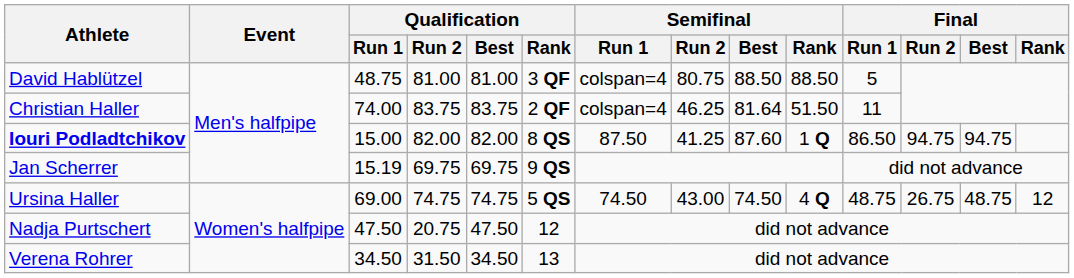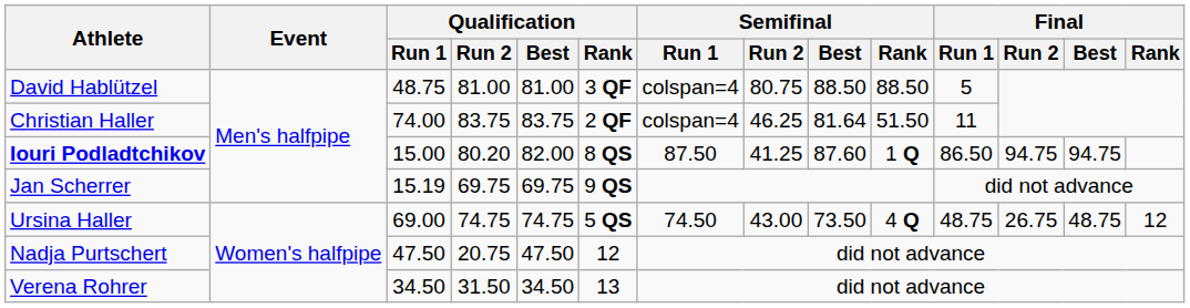 <table class="wikitable" style="font-size:90%">
 <tr>
 <th rowspan="2">Athlete</th>
 <th rowspan="2">Event</th>
 <th colspan="4">Qualification</th>
 <th colspan="4">Semifinal</th>
 <th colspan="4">Final</th>
 </tr>
 <tr style="font-size:95%">
 <th>Run 1</th>
 <th>Run 2</th>
 <th>Best</th>
 <th>Rank</th>
 <th>Run 1</th>
 <th>Run 2</th>
 <th>Best</th>
 <th>Rank</th>
 <th>Run 1</th>
 <th>Run 2</th>
 <th>Best</th>
 <th>Rank</th>
 </tr>
 <tr align=center>
 <td align=left><a href='#'>David Hablützel</a></td>
 <td align=left rowspan=4><a href='#'>Men's halfpipe</a></td>
 <td>48.75</td>
 <td>81.00</td>
 <td>81.00</td>
 <td>3 <strong>QF</strong></td>
 <td>colspan=4 </td>
 <td>80.75</td>
 <td>88.50</td>
 <td>88.50</td>
 <td>5</td>
 </tr>
 <tr align=center>
 <td align=left><a href='#'>Christian Haller</a></td>
 <td>74.00</td>
 <td>83.75</td>
 <td>83.75</td>
 <td>2 <strong>QF</strong></td>
 <td>colspan=4 </td>
 <td>46.25</td>
 <td>81.64</td>
 <td>51.50</td>
 <td>11</td>
 </tr>
 <tr align=center>
 <td align=left><strong><a href='#'>Iouri Podladtchikov</a></strong></td>
 <td>15.00</td>
-<td>82.00</td>
+<td>80.20</td>
 <td>82.00</td>
 <td>8 <strong>QS</strong></td>
 <td>87.50</td>
 <td>41.25</td>
 <td>87.60</td>
 <td>1 <strong>Q</strong></td>
 <td>86.50</td>
 <td>94.75</td>
 <td>94.75</td>
 <td></td>
 </tr>
 <tr align=center>
 <td align=left><a href='#'>Jan Scherrer</a></td>
 <td>15.19</td>
 <td>69.75</td>
 <td>69.75</td>
 <td>9 <strong>QS</strong></td>
 <td colspan=4></td>
 <td colspan=4>did not advance</td>
 </tr>
 <tr align=center>
 <td align=left><a href='#'>Ursina Haller</a></td>
 <td align=left rowspan=3><a href='#'>Women's halfpipe</a></td>
 <td>69.00</td>
 <td>74.75</td>
 <td>74.75</td>
 <td>5 <strong>QS</strong></td>
 <td>74.50</td>
 <td>43.00</td>
-<td>74.50</td>
+<td>73.50</td>
 <td>4 <strong>Q</strong></td>
 <td>48.75</td>
 <td>26.75</td>
 <td>48.75</td>
 <td>12</td>
 </tr>
 <tr align=center>
 <td align=left><a href='#'>Nadja Purtschert</a></td>
 <td>47.50</td>
 <td>20.75</td>
 <td>47.50</td>
 <td>12</td>
 <td colspan=8>did not advance</td>
 </tr>
 <tr align=center>
 <td align=left><a href='#'>Verena Rohrer</a></td>
 <td>34.50</td>
 <td>31.50</td>
 <td>34.50</td>
 <td>13</td>
 <td colspan=8>did not advance</td>
 </tr>
 </table>
